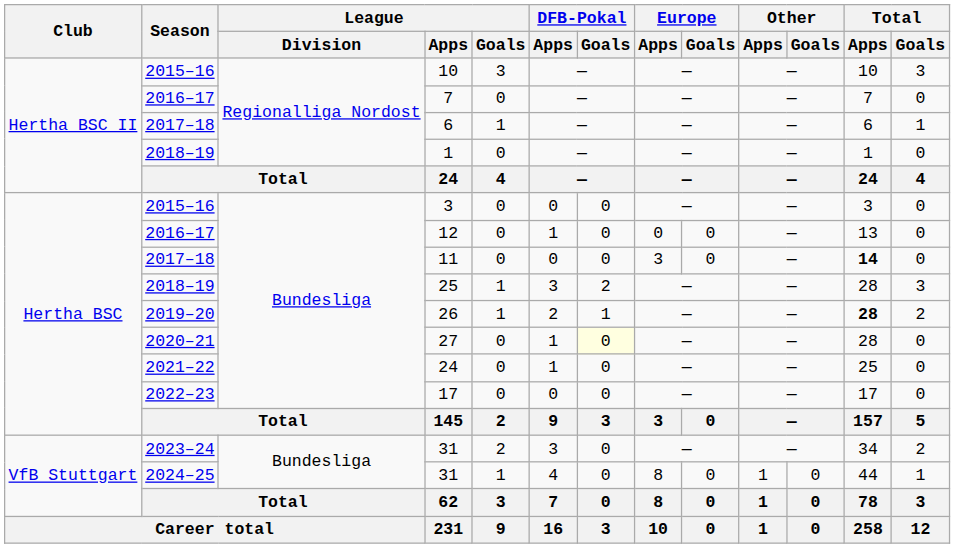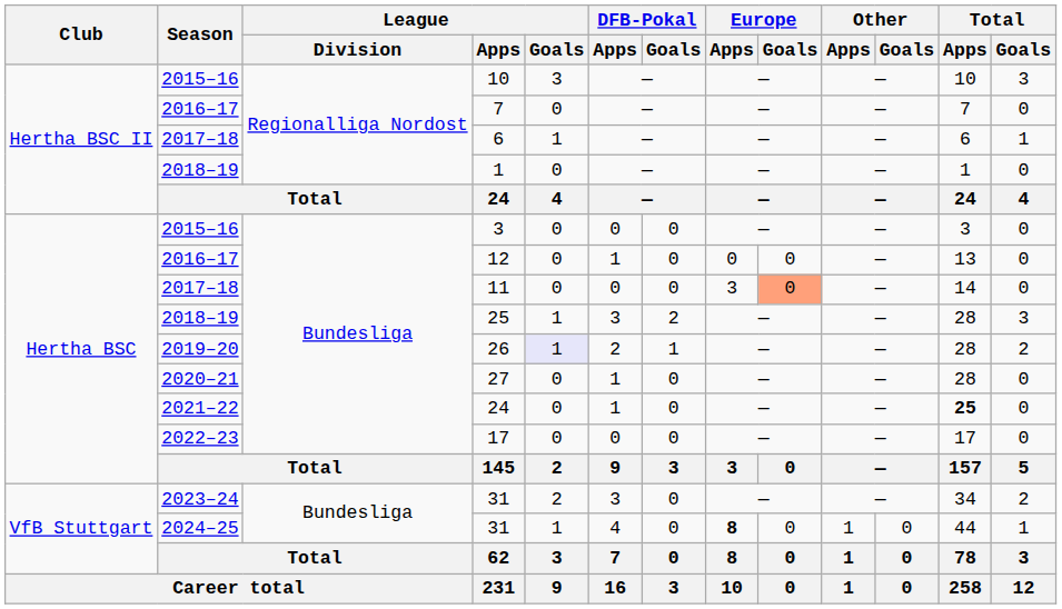 <table class="wikitable" style="text-align: center">
 <tr>
 <th rowspan="2">Club</th>
 <th rowspan="2">Season</th>
 <th colspan="3">League</th>
 <th colspan="2"><a href='#'>DFB-Pokal</a></th>
 <th colspan="2"><a href='#'>Europe</a></th>
 <th colspan="2">Other</th>
 <th colspan="2">Total</th>
 </tr>
 <tr>
 <th>Division</th>
 <th>Apps</th>
 <th>Goals</th>
 <th>Apps</th>
 <th>Goals</th>
 <th>Apps</th>
 <th>Goals</th>
 <th>Apps</th>
 <th>Goals</th>
 <th>Apps</th>
 <th>Goals</th>
 </tr>
 <tr>
 <td rowspan="5"><a href='#'>Hertha BSC II</a></td>
 <td><a href='#'>2015–16</a></td>
 <td rowspan="4"><a href='#'>Regionalliga Nordost</a></td>
 <td>10</td>
 <td>3</td>
 <td colspan="2">—</td>
 <td colspan="2">—</td>
 <td colspan="2">—</td>
 <td>10</td>
 <td>3</td>
 </tr>
 <tr>
 <td><a href='#'>2016–17</a></td>
 <td>7</td>
 <td>0</td>
 <td colspan="2">—</td>
 <td colspan="2">—</td>
 <td colspan="2">—</td>
 <td>7</td>
 <td>0</td>
 </tr>
 <tr>
 <td><a href='#'>2017–18</a></td>
 <td>6</td>
 <td>1</td>
 <td colspan="2">—</td>
 <td colspan="2">—</td>
 <td colspan="2">—</td>
 <td>6</td>
 <td>1</td>
 </tr>
 <tr>
 <td><a href='#'>2018–19</a></td>
 <td>1</td>
 <td>0</td>
 <td colspan="2">—</td>
 <td colspan="2">—</td>
 <td colspan="2">—</td>
 <td>1</td>
 <td>0</td>
 </tr>
 <tr>
 <th colspan="2">Total</th>
 <th>24</th>
 <th>4</th>
 <th colspan="2">—</th>
 <th colspan="2">—</th>
 <th colspan="2">—</th>
 <th>24</th>
 <th>4</th>
 </tr>
 <tr>
 <td rowspan="9"><a href='#'>Hertha BSC</a></td>
 <td><a href='#'>2015–16</a></td>
 <td rowspan="8"><a href='#'>Bundesliga</a></td>
 <td>3</td>
 <td>0</td>
 <td>0</td>
 <td>0</td>
 <td colspan="2">—</td>
 <td colspan="2">—</td>
 <td>3</td>
 <td>0</td>
 </tr>
 <tr>
 <td><a href='#'>2016–17</a></td>
 <td>12</td>
 <td>0</td>
 <td>1</td>
 <td>0</td>
 <td>0</td>
 <td>0</td>
 <td colspan="2">—</td>
 <td>13</td>
 <td>0</td>
 </tr>
 <tr>
 <td><a href='#'>2017–18</a></td>
 <td>11</td>
 <td>0</td>
 <td>0</td>
 <td>0</td>
 <td>3</td>
-<td>0</td>
+<td style="background: lightsalmon;">0</td>
 <td colspan="2">—</td>
-<td><strong>14</strong></td>
+<td>14</td>
 <td>0</td>
 </tr>
 <tr>
 <td><a href='#'>2018–19</a></td>
 <td>25</td>
 <td>1</td>
 <td>3</td>
 <td>2</td>
 <td colspan="2">—</td>
 <td colspan="2">—</td>
 <td>28</td>
 <td>3</td>
 </tr>
 <tr>
 <td><a href='#'>2019–20</a></td>
 <td>26</td>
-<td>1</td>
+<td style="background: lavender;">1</td>
 <td>2</td>
 <td>1</td>
 <td colspan="2">—</td>
 <td colspan="2">—</td>
-<td><strong>28</strong></td>
+<td>28</td>
 <td>2</td>
 </tr>
 <tr>
 <td><a href='#'>2020–21</a></td>
 <td>27</td>
 <td>0</td>
 <td>1</td>
-<td style="background: lightyellow;">0</td>
+<td>0</td>
 <td colspan="2">—</td>
 <td colspan="2">—</td>
 <td>28</td>
 <td>0</td>
 </tr>
 <tr>
 <td><a href='#'>2021–22</a></td>
 <td>24</td>
 <td>0</td>
 <td>1</td>
 <td>0</td>
 <td colspan="2">—</td>
 <td colspan="2">—</td>
-<td>25</td>
+<td><strong>25</strong></td>
 <td>0</td>
 </tr>
 <tr>
 <td><a href='#'>2022–23</a></td>
 <td>17</td>
 <td>0</td>
 <td>0</td>
 <td>0</td>
 <td colspan="2">—</td>
 <td colspan="2">—</td>
 <td>17</td>
 <td>0</td>
 </tr>
 <tr>
 <th colspan="2">Total</th>
 <th>145</th>
 <th>2</th>
 <th>9</th>
 <th>3</th>
 <th>3</th>
 <th>0</th>
 <th colspan="2">—</th>
 <th>157</th>
 <th>5</th>
 </tr>
 <tr>
 <td rowspan="3"><a href='#'>VfB Stuttgart</a></td>
 <td><a href='#'>2023–24</a></td>
 <td rowspan="2">Bundesliga</td>
 <td>31</td>
 <td>2</td>
 <td>3</td>
 <td>0</td>
 <td colspan="2">—</td>
 <td colspan="2">—</td>
 <td>34</td>
 <td>2</td>
 </tr>
 <tr>
 <td><a href='#'>2024–25</a></td>
 <td>31</td>
 <td>1</td>
 <td>4</td>
 <td>0</td>
-<td>8</td>
+<td><strong>8</strong></td>
 <td>0</td>
 <td>1</td>
 <td>0</td>
 <td>44</td>
 <td>1</td>
 </tr>
 <tr>
 <th colspan="2">Total</th>
 <th>62</th>
 <th>3</th>
 <th>7</th>
 <th>0</th>
 <th>8</th>
 <th>0</th>
 <th>1</th>
 <th>0</th>
 <th>78</th>
 <th>3</th>
 </tr>
 <tr>
 <th colspan="3">Career total</th>
 <th>231</th>
 <th>9</th>
 <th>16</th>
 <th>3</th>
 <th>10</th>
 <th>0</th>
 <th>1</th>
 <th>0</th>
 <th>258</th>
 <th>12</th>
 </tr>
 </table>
